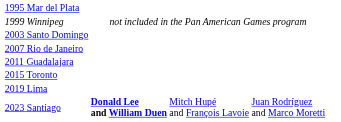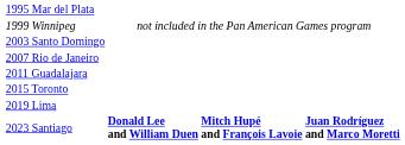 <table>
 <tr>
 <td><a href='#'>1995 Mar del Plata</a><br></td>
 <td></td>
 <td></td>
 <td></td>
 </tr>
 <tr>
 <td><em>1999 Winnipeg</em></td>
 <td colspan=3 align=center><em>not included in the Pan American Games program</em></td>
 </tr>
 <tr>
 <td><a href='#'>2003 Santo Domingo</a><br></td>
 <td></td>
 <td></td>
 <td></td>
 </tr>
 <tr>
 <td><a href='#'>2007 Rio de Janeiro</a><br></td>
 <td></td>
 <td></td>
 <td></td>
 </tr>
 <tr>
 <td><a href='#'>2011 Guadalajara</a><br></td>
 <td></td>
 <td></td>
 <td></td>
 </tr>
 <tr>
 <td><a href='#'>2015 Toronto</a><br></td>
 <td></td>
 <td></td>
 <td></td>
 </tr>
 <tr>
 <td><a href='#'>2019 Lima</a><br></td>
 <td></td>
 <td></td>
 <td></td>
 </tr>
 <tr>
 <td><a href='#'>2023 Santiago</a><br></td>
 <td><strong><a href='#'>Donald Lee</a><br> and <a href='#'>William Duen</a><br></strong></td>
-<td><a href='#'>Mitch Hupé</a><br> and <a href='#'>François Lavoie</a><br></td>
-<td><a href='#'>Juan Rodríguez</a><br>and <a href='#'>Marco Moretti</a><br></td>
+<td><strong><a href='#'>Mitch Hupé</a><br> and <a href='#'>François Lavoie</a><br></strong></td>
+<td><strong><a href='#'>Juan Rodríguez</a><br>and <a href='#'>Marco Moretti</a><br></strong></td>
 </tr>
 </table>
